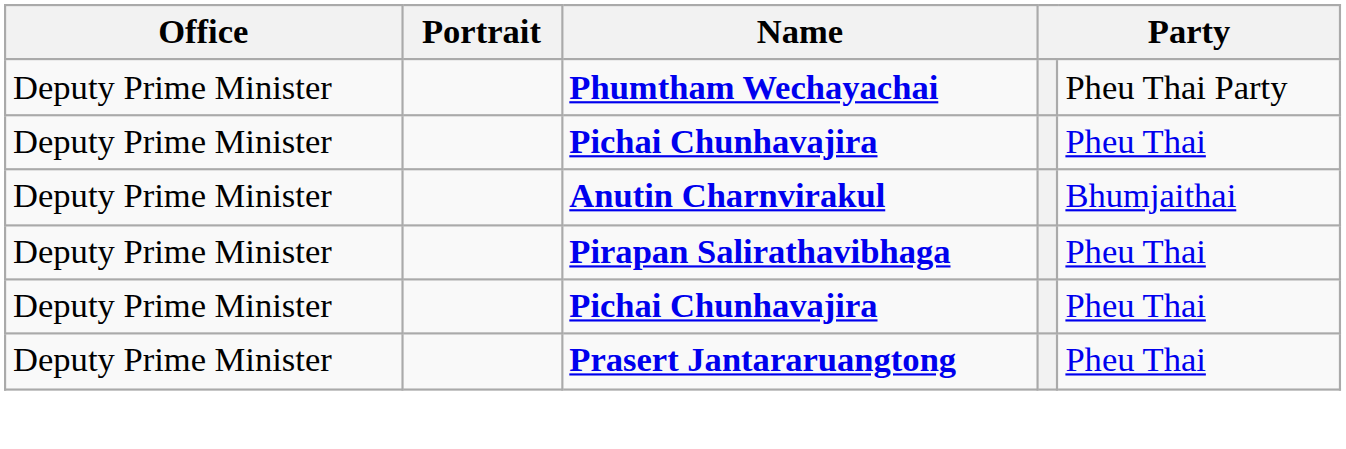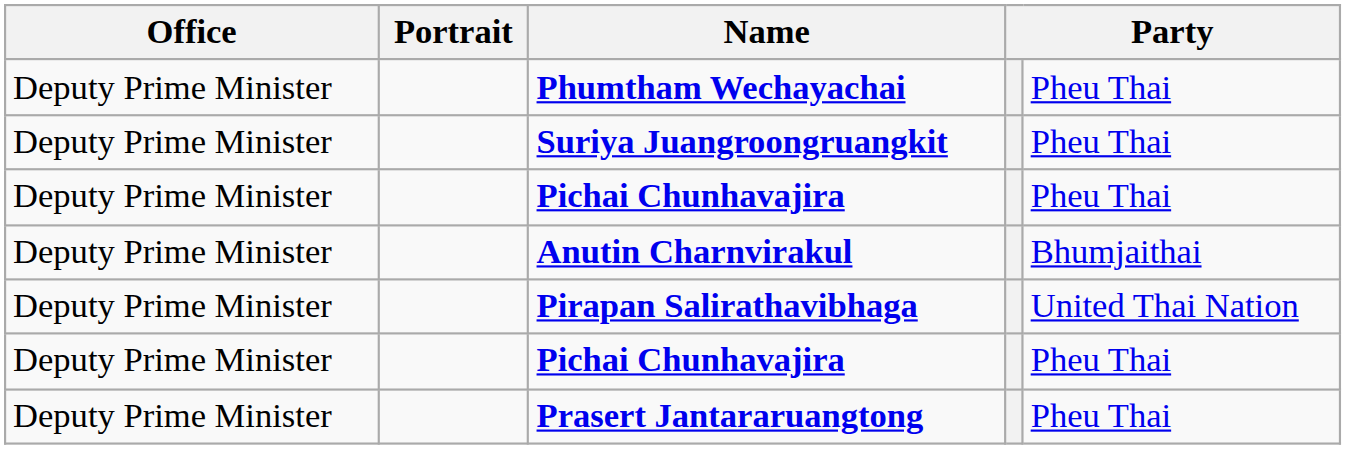 <table class="wikitable" width=70%>
 <tr>
 <th>Office<br></th>
 <th>Portrait</th>
 <th>Name</th>
 <th colspan="2">Party</th>
 </tr>
 <tr>
 <td>Deputy Prime Minister<br></td>
 <td></td>
 <td><strong><a href='#'>Phumtham Wechayachai</a></strong><br></td>
 <th style="background:"></th>
-<td>Pheu Thai Party</td>
+<td><a href='#'>Pheu Thai</a></td>
+</tr>
+<tr>
+<td>Deputy Prime Minister <br></td>
+<td></td>
+<td><strong><a href='#'>Suriya Juangroongruangkit</a></strong><br></td>
+<th style="background:"></th>
+<td><a href='#'>Pheu Thai</a></td>
 </tr>
 <tr>
 <td>Deputy Prime Minister <br></td>
 <td></td>
 <td><strong><a href='#'>Pichai Chunhavajira</a></strong><br></td>
 <th style="background:"></th>
 <td><a href='#'>Pheu Thai</a></td>
 </tr>
 <tr>
 <td>Deputy Prime Minister <br></td>
 <td></td>
 <td><strong><a href='#'>Anutin Charnvirakul</a></strong><br></td>
 <th style="background:"></th>
 <td><a href='#'>Bhumjaithai</a></td>
 </tr>
 <tr>
 <td>Deputy Prime Minister <br></td>
 <td></td>
 <td><strong><a href='#'>Pirapan Salirathavibhaga</a></strong><br></td>
 <th style="background:"></th>
-<td><a href='#'>Pheu Thai</a></td>
+<td><a href='#'>United Thai Nation</a></td>
 </tr>
 <tr>
 <td>Deputy Prime Minister <br></td>
 <td></td>
 <td><strong><a href='#'>Pichai Chunhavajira</a></strong><br></td>
 <th style="background:"></th>
 <td><a href='#'>Pheu Thai</a></td>
 </tr>
 <tr>
 <td>Deputy Prime Minister <br></td>
 <td></td>
 <td><strong><a href='#'>Prasert Jantararuangtong</a></strong><br></td>
 <th style="background:"></th>
 <td><a href='#'>Pheu Thai</a></td>
 </tr>
 </table>
